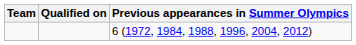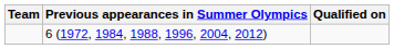 <table class="wikitable sortable">
 <tr>
 <th>Team</th>
+<th data-sort-type="number">Previous appearances in <a href='#'>Summer Olympics</a></th>
 <th>Qualified on</th>
-<th data-sort-type="number">Previous appearances in <a href='#'>Summer Olympics</a></th>
 </tr>
 <tr>
 <td></td>
+<td>6 (<a href='#'>1972</a>, <a href='#'>1984</a>, <a href='#'>1988</a>, <a href='#'>1996</a>, <a href='#'>2004</a>, <a href='#'>2012</a>)</td>
 <td></td>
-<td>6 (<a href='#'>1972</a>, <a href='#'>1984</a>, <a href='#'>1988</a>, <a href='#'>1996</a>, <a href='#'>2004</a>, <a href='#'>2012</a>)</td>
 </tr>
 </table>
